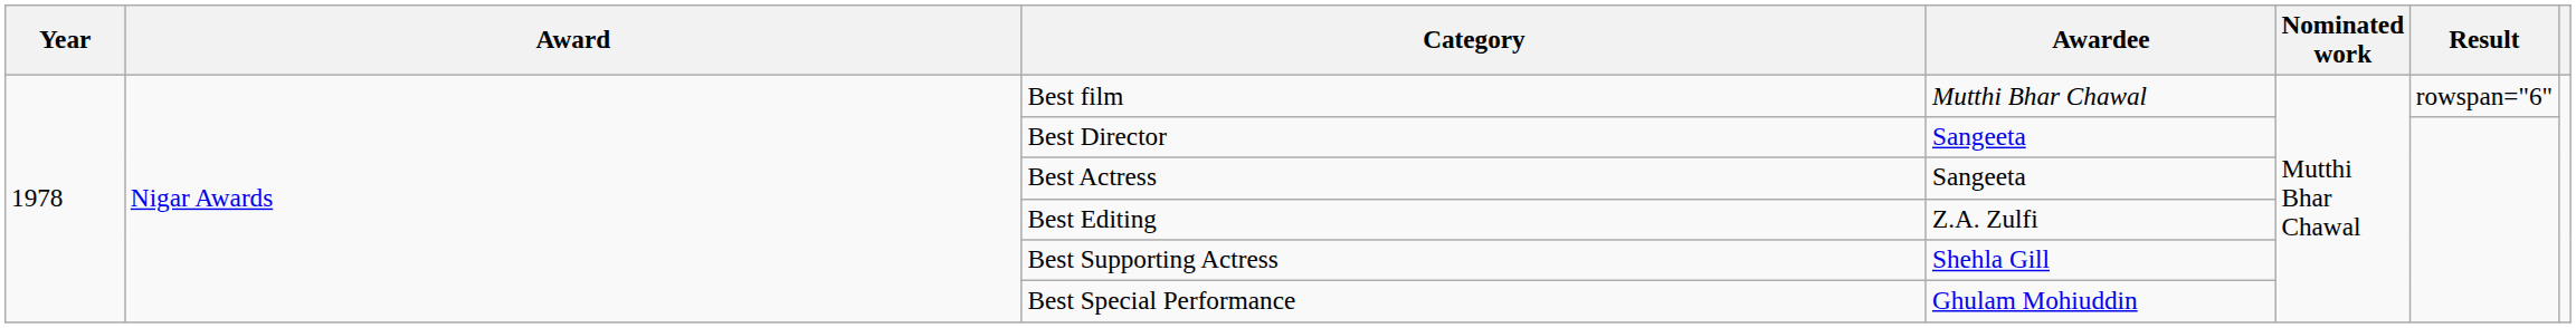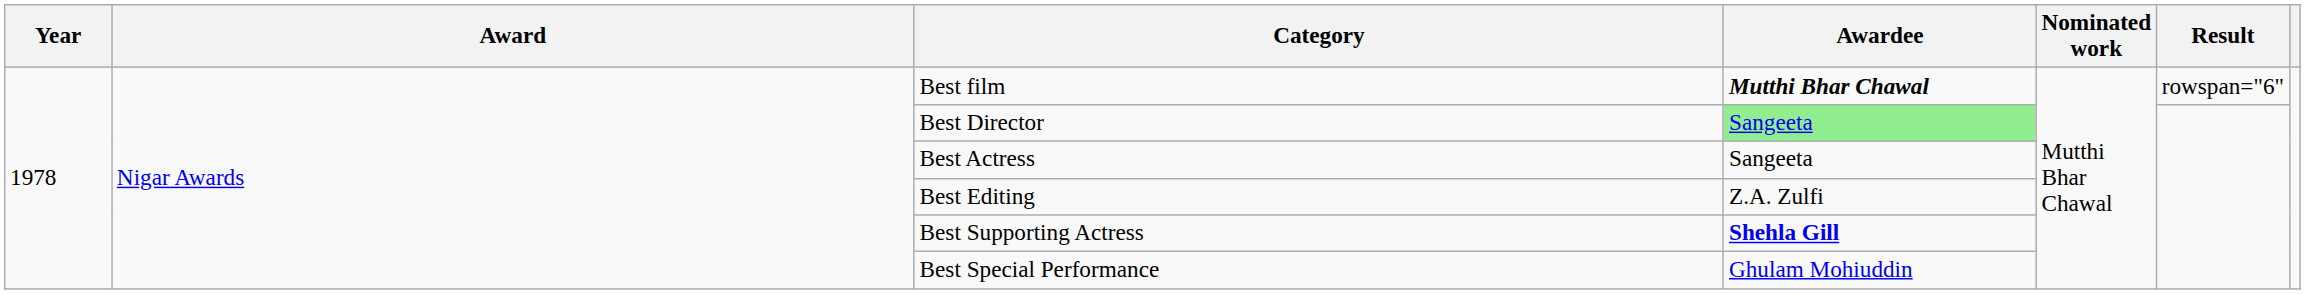 <table class="wikitable sortable" width=100%>
 <tr>
 <th width=5%>Year</th>
 <th style="width:40%;">Award</th>
 <th style="width:40%;">Category</th>
 <th style="width:40%;">Awardee</th>
 <th style="width:40%;">Nominated work</th>
 <th style="width:10%;">Result</th>
 <th width=5%></th>
 </tr>
 <tr>
 <td rowspan="6">1978</td>
 <td rowspan="6"><a href='#'>Nigar Awards</a></td>
 <td>Best film</td>
-<td><em>Mutthi Bhar Chawal</em></td>
+<td><strong><em>Mutthi Bhar Chawal</em></strong></td>
 <td rowspan="6">Mutthi Bhar Chawal</td>
 <td>rowspan="6"</td>
 <td rowspan="6"></td>
 </tr>
 <tr>
 <td>Best Director</td>
-<td><a href='#'>Sangeeta</a></td>
+<td style="background: lightgreen;"><a href='#'>Sangeeta</a></td>
 </tr>
 <tr>
 <td>Best Actress</td>
 <td>Sangeeta</td>
 </tr>
 <tr>
 <td>Best Editing</td>
 <td>Z.A. Zulfi</td>
 </tr>
 <tr>
 <td>Best Supporting Actress</td>
-<td><a href='#'>Shehla Gill</a></td>
+<td><strong><a href='#'>Shehla Gill</a></strong></td>
 </tr>
 <tr>
 <td>Best Special Performance</td>
 <td><a href='#'>Ghulam Mohiuddin</a></td>
 </tr>
 </table>
